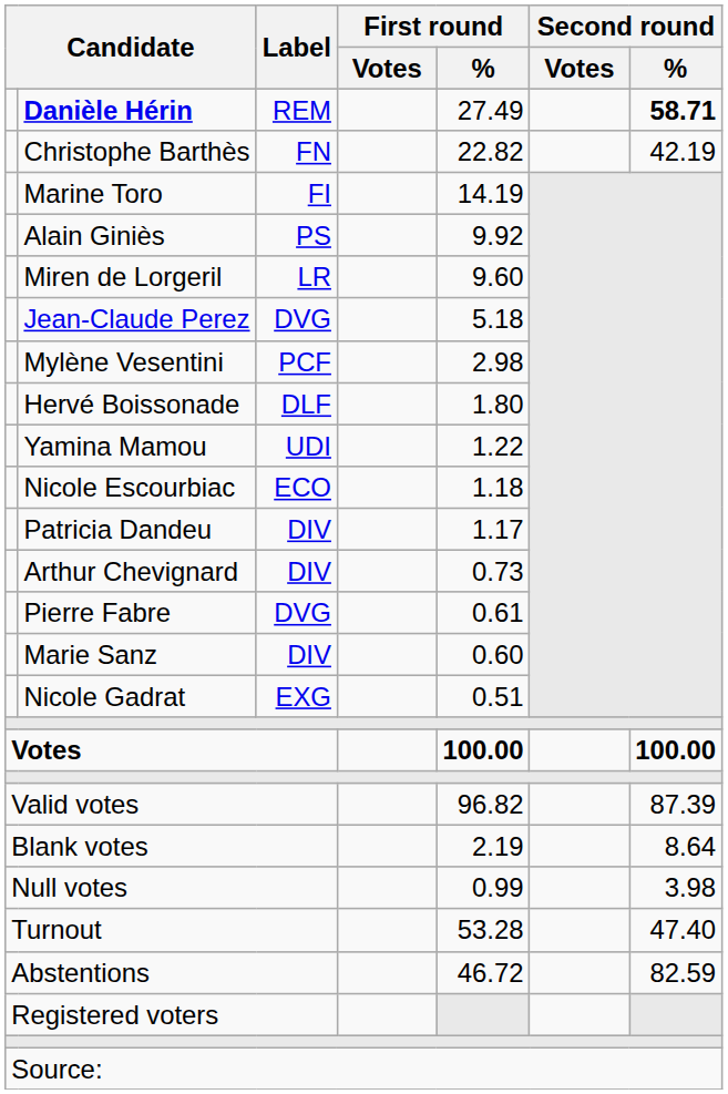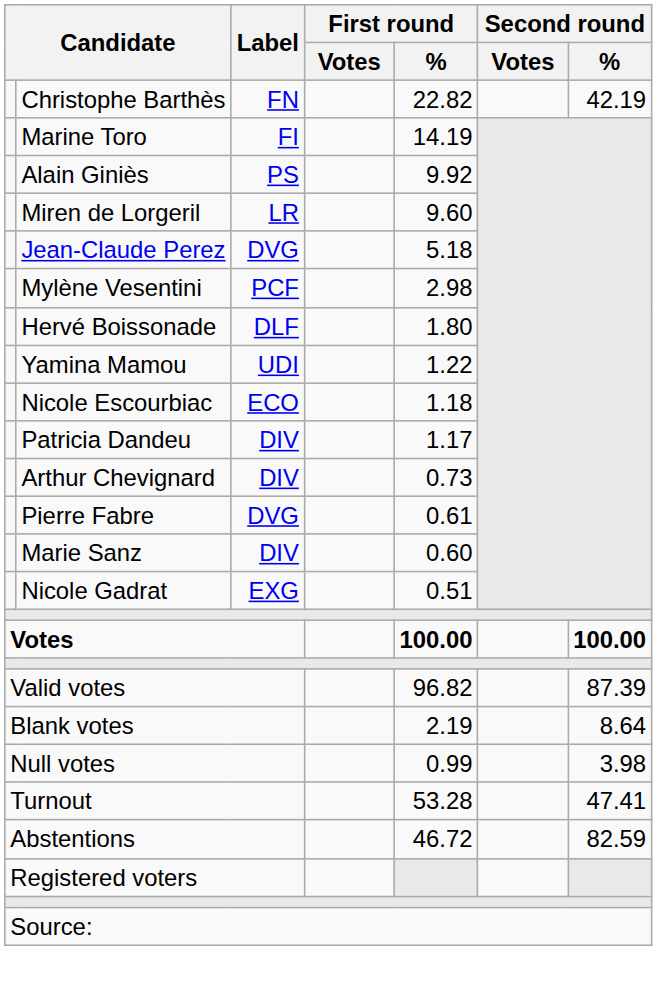 <table class="wikitable" style="text-align:right;font-size:95%;">
 <tr>
 <th rowspan="2" colspan="2">Candidate</th>
 <th rowspan="2">Label</th>
 <th colspan="2">First round</th>
 <th colspan="2">Second round</th>
 </tr>
 <tr>
 <th style="width:50px;">Votes</th>
 <th style="width:45px;">%</th>
 <th style="width:50px;">Votes</th>
 <th style="width:45px;">%</th>
-</tr>
-<tr>
-<td style="color:inherit;background:"></td>
-<td style="text-align:left;"><strong><a href='#'>Danièle Hérin</a></strong></td>
-<td><a href='#'>REM</a></td>
-<td></td>
-<td>27.49</td>
-<td><strong></strong></td>
-<td><strong>58.71</strong></td>
 </tr>
 <tr>
 <td style="color:inherit;background:"></td>
 <td style="text-align:left;">Christophe Barthès</td>
 <td><a href='#'>FN</a></td>
 <td></td>
 <td>22.82</td>
 <td></td>
 <td>42.19</td>
 </tr>
 <tr>
 <td style="color:inherit;background:"></td>
 <td style="text-align:left;">Marine Toro</td>
 <td><a href='#'>FI</a></td>
 <td></td>
 <td>14.19</td>
 <td colspan="2" rowspan="13" style="background:#E9E9E9;"></td>
 </tr>
 <tr>
 <td style="color:inherit;background:"></td>
 <td style="text-align:left;">Alain Giniès</td>
 <td><a href='#'>PS</a></td>
 <td></td>
 <td>9.92</td>
 </tr>
 <tr>
 <td style="color:inherit;background:"></td>
 <td style="text-align:left;">Miren de Lorgeril</td>
 <td><a href='#'>LR</a></td>
 <td></td>
 <td>9.60</td>
 </tr>
 <tr>
 <td style="color:inherit;background:"></td>
 <td style="text-align:left;"><a href='#'>Jean-Claude Perez</a></td>
 <td><a href='#'>DVG</a></td>
 <td></td>
 <td>5.18</td>
 </tr>
 <tr>
 <td style="color:inherit;background:"></td>
 <td style="text-align:left;">Mylène Vesentini</td>
 <td><a href='#'>PCF</a></td>
 <td></td>
 <td>2.98</td>
 </tr>
 <tr>
 <td style="color:inherit;background:"></td>
 <td style="text-align:left;">Hervé Boissonade</td>
 <td><a href='#'>DLF</a></td>
 <td></td>
 <td>1.80</td>
 </tr>
 <tr>
 <td style="color:inherit;background:"></td>
 <td style="text-align:left;">Yamina Mamou</td>
 <td><a href='#'>UDI</a></td>
 <td></td>
 <td>1.22</td>
 </tr>
 <tr>
 <td style="color:inherit;background:"></td>
 <td style="text-align:left;">Nicole Escourbiac</td>
 <td><a href='#'>ECO</a></td>
 <td></td>
 <td>1.18</td>
 </tr>
 <tr>
 <td style="color:inherit;background:"></td>
 <td style="text-align:left;">Patricia Dandeu</td>
 <td><a href='#'>DIV</a></td>
 <td></td>
 <td>1.17</td>
 </tr>
 <tr>
 <td style="color:inherit;background:"></td>
 <td style="text-align:left;">Arthur Chevignard</td>
 <td><a href='#'>DIV</a></td>
 <td></td>
 <td>0.73</td>
 </tr>
 <tr>
 <td style="color:inherit;background:"></td>
 <td style="text-align:left;">Pierre Fabre</td>
 <td><a href='#'>DVG</a></td>
 <td></td>
 <td>0.61</td>
 </tr>
 <tr>
 <td style="color:inherit;background:"></td>
 <td style="text-align:left;">Marie Sanz</td>
 <td><a href='#'>DIV</a></td>
 <td></td>
 <td>0.60</td>
 </tr>
 <tr>
 <td style="color:inherit;background:"></td>
 <td style="text-align:left;">Nicole Gadrat</td>
 <td><a href='#'>EXG</a></td>
 <td></td>
 <td>0.51</td>
 </tr>
 <tr>
 <td colspan="7" style="background:#E9E9E9;"></td>
 </tr>
 <tr style="font-weight:bold;">
 <td colspan="3" style="text-align:left;">Votes</td>
 <td></td>
 <td>100.00</td>
 <td></td>
 <td>100.00</td>
 </tr>
 <tr>
 <td colspan="7" style="background:#E9E9E9;"></td>
 </tr>
 <tr>
 <td colspan="3" style="text-align:left;">Valid votes</td>
 <td></td>
 <td>96.82</td>
 <td></td>
 <td>87.39</td>
 </tr>
 <tr>
 <td colspan="3" style="text-align:left;">Blank votes</td>
 <td></td>
 <td>2.19</td>
 <td></td>
 <td>8.64</td>
 </tr>
 <tr>
 <td colspan="3" style="text-align:left;">Null votes</td>
 <td></td>
 <td>0.99</td>
 <td></td>
 <td>3.98</td>
 </tr>
 <tr>
 <td colspan="3" style="text-align:left;">Turnout</td>
 <td></td>
 <td>53.28</td>
 <td></td>
-<td>47.40</td>
+<td>47.41</td>
 </tr>
 <tr>
 <td colspan="3" style="text-align:left;">Abstentions</td>
 <td></td>
 <td>46.72</td>
 <td></td>
 <td>82.59</td>
 </tr>
 <tr>
 <td colspan="3" style="text-align:left;">Registered voters</td>
 <td></td>
 <td style="background:#E9E9E9;"></td>
 <td></td>
 <td style="background:#E9E9E9;"></td>
 </tr>
 <tr>
 <td colspan="7" style="background:#E9E9E9;"></td>
 </tr>
 <tr>
 <td colspan="7" style="text-align:left;">Source: </td>
 </tr>
 </table>
